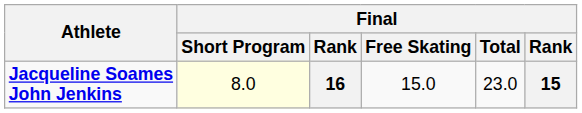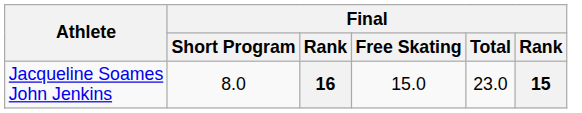 <table class="wikitable" style="font-size:90%">
 <tr>
 <th rowspan="2">Athlete</th>
 <th colspan="9">Final</th>
 </tr>
 <tr>
 <th>Short Program</th>
 <th>Rank</th>
 <th>Free Skating</th>
 <th>Total</th>
 <th>Rank</th>
 </tr>
 <tr>
-<td><strong><a href='#'>Jacqueline Soames</a><br><a href='#'>John Jenkins</a></strong></td>
-<td align="center" style="background: lightyellow;">8.0</td>
+<td><a href='#'>Jacqueline Soames</a><br><a href='#'>John Jenkins</a></td>
+<td align="center">8.0</td>
 <th align="center">16</th>
 <td align="center">15.0</td>
 <td align="center">23.0</td>
 <th align="center">15</th>
 </tr>
 </table>
